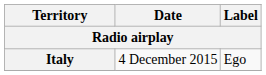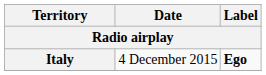 <table class="wikitable unsortable plainrowheaders">
 <tr>
 <th scope="col" style="width:7.5em;">Territory</th>
 <th scope="col">Date</th>
 <th scope="col">Label</th>
 </tr>
 <tr>
 <th scope="col" colspan="5">Radio airplay</th>
 </tr>
 <tr>
 <th scope="row">Italy</th>
 <td>4 December 2015</td>
-<td>Ego</td>
+<td><strong>Ego</strong></td>
 </tr>
 <tr>
 </tr>
 </table>
